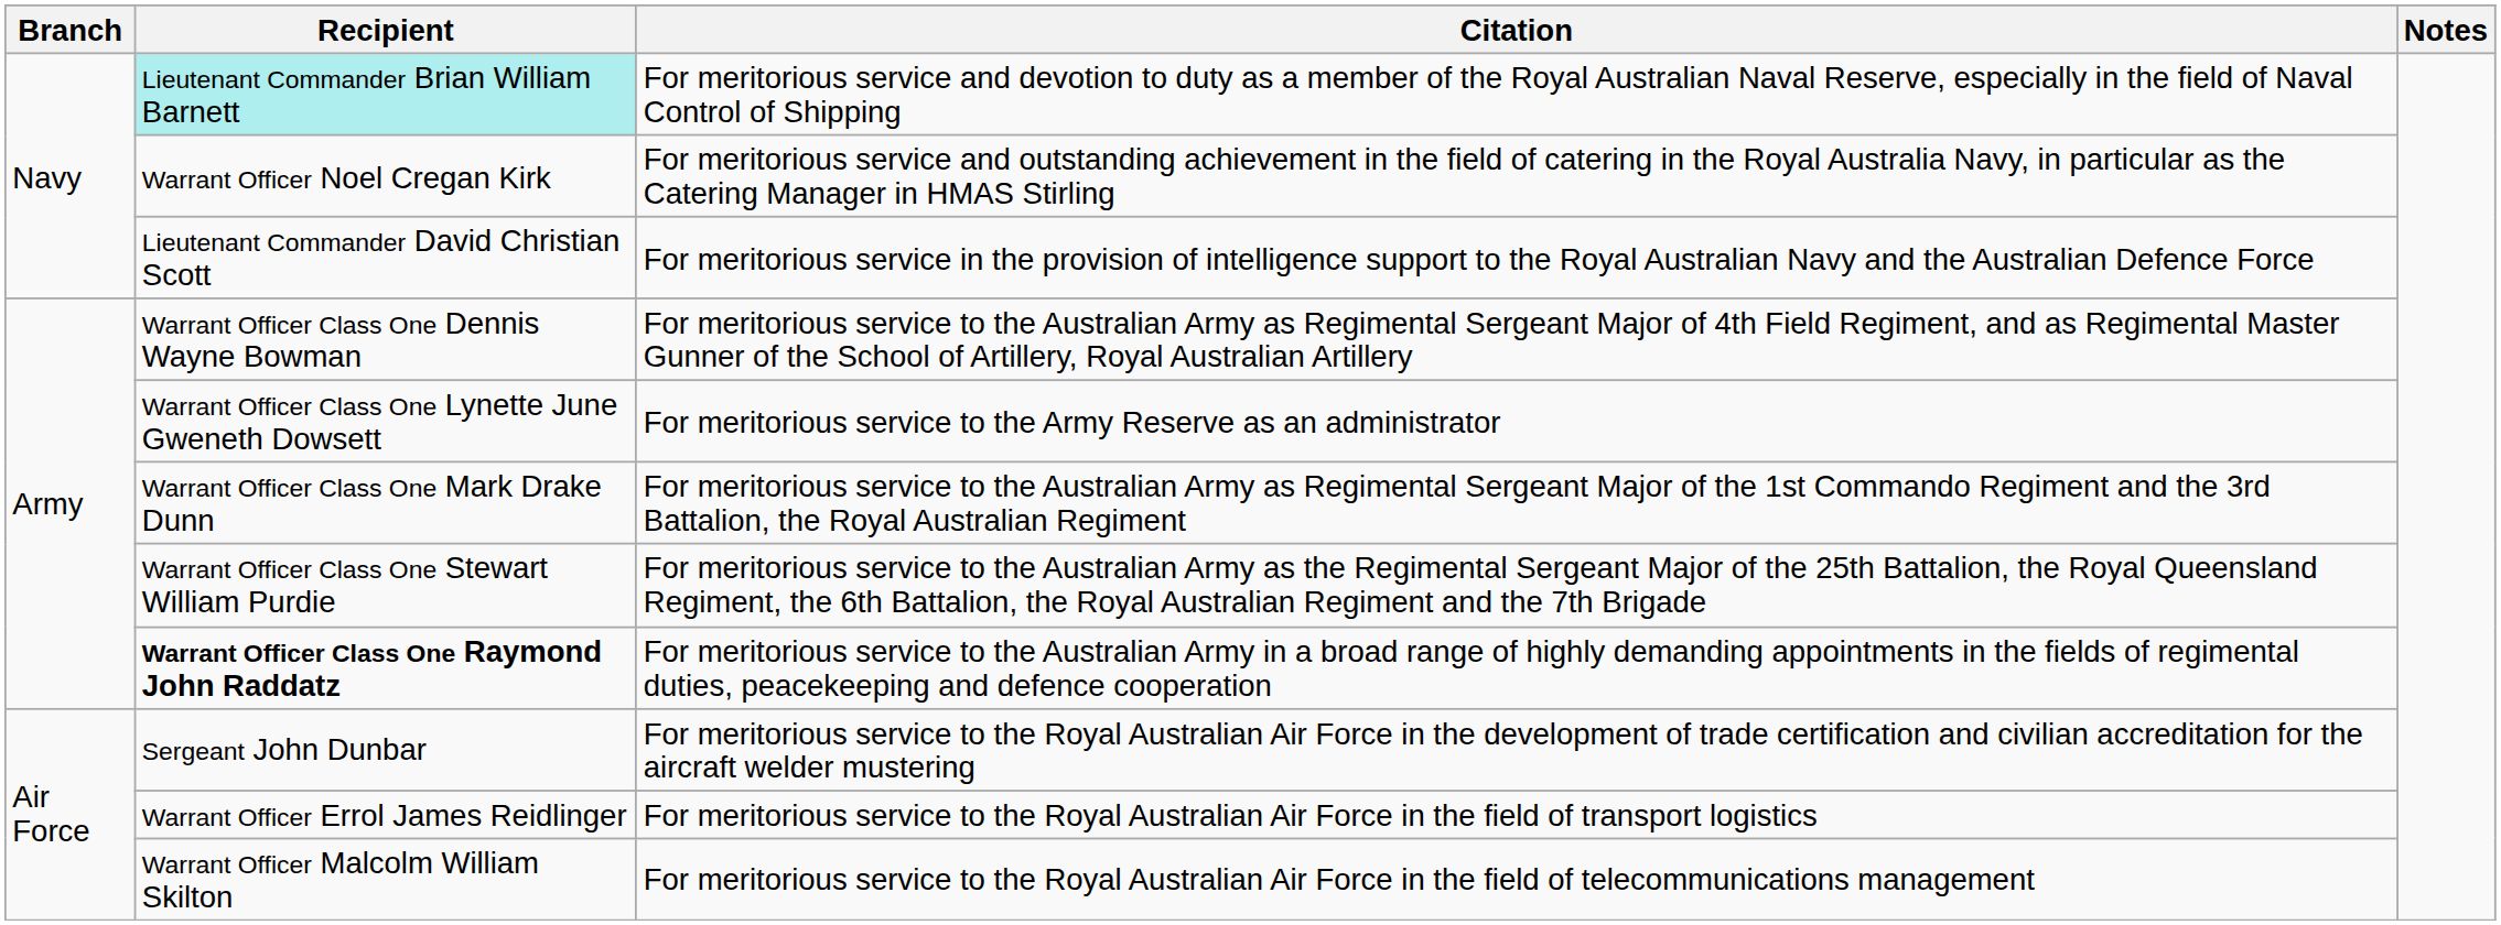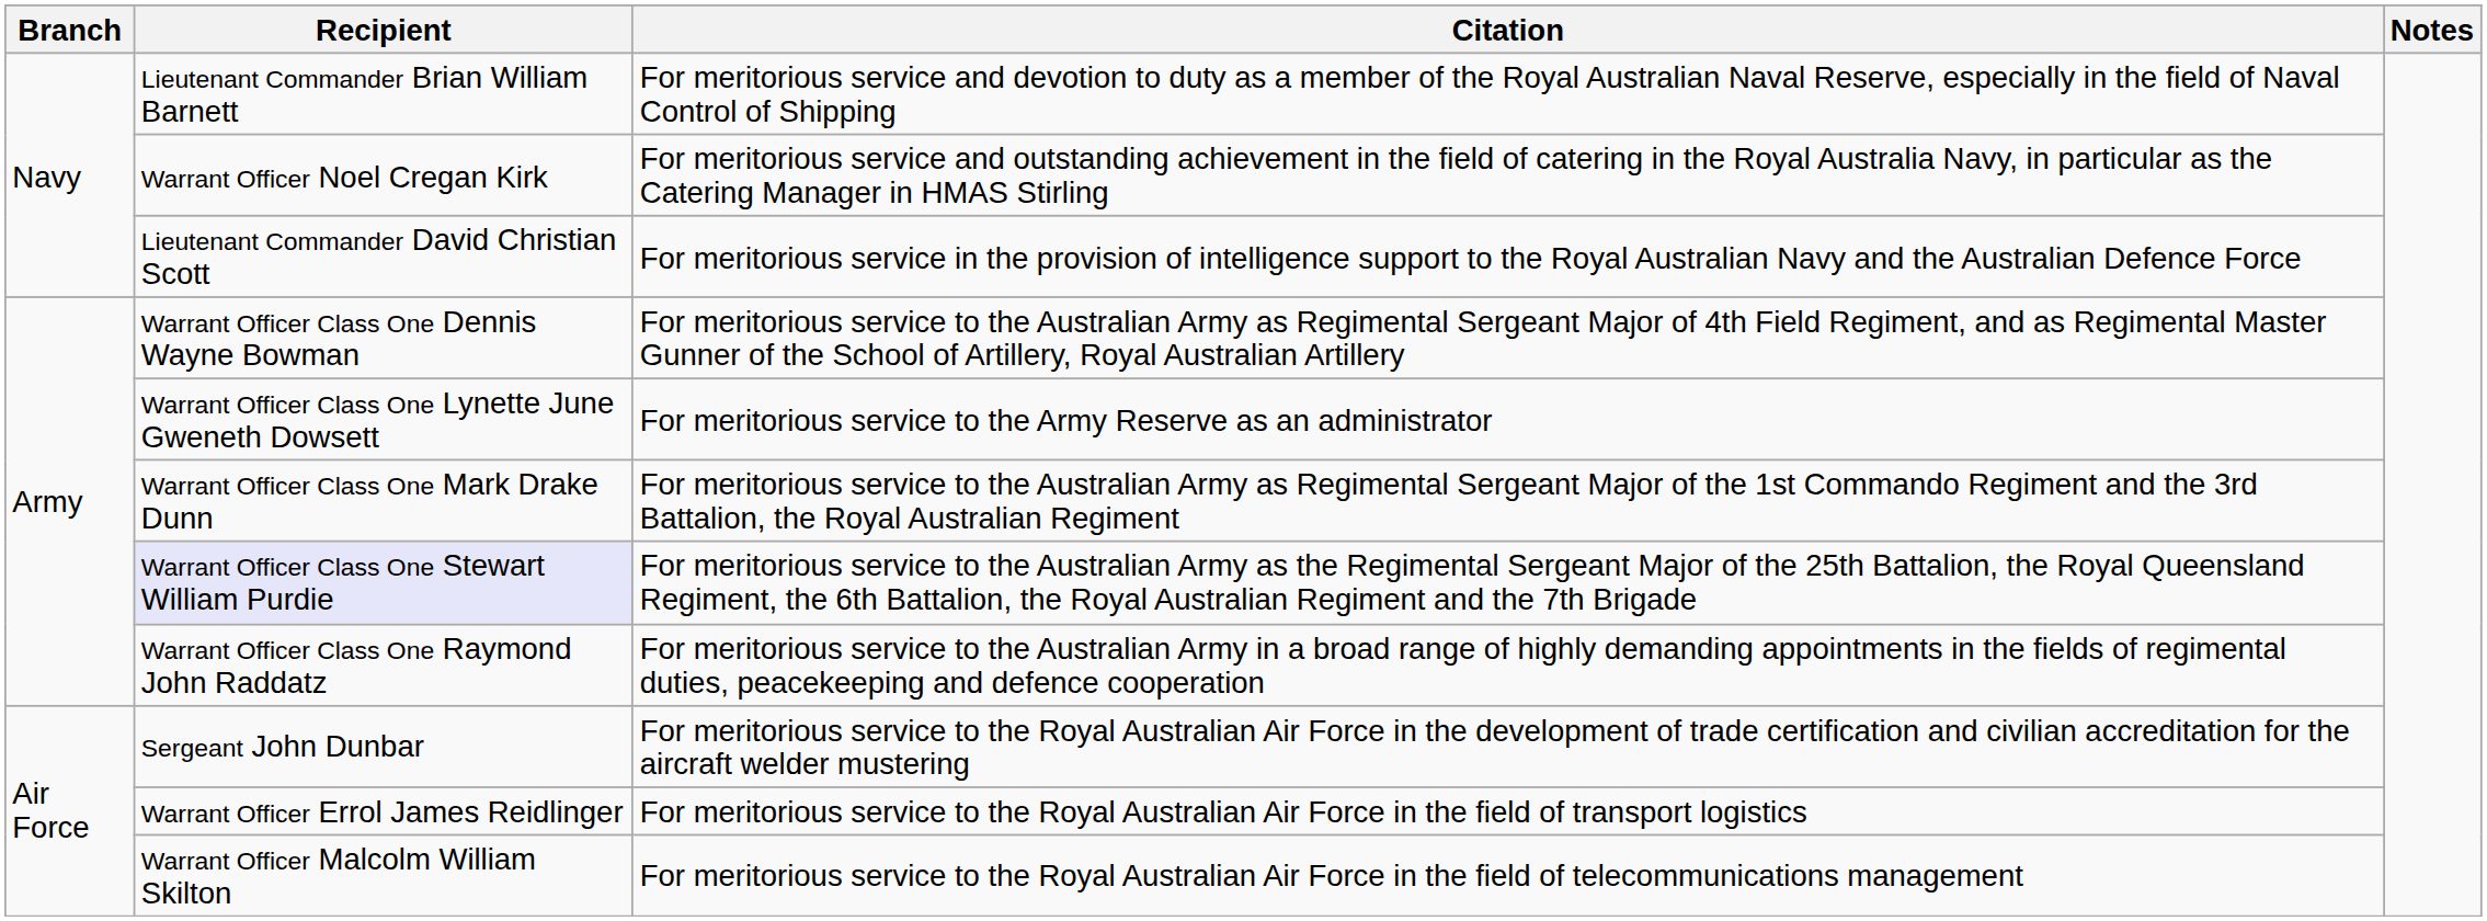 <table class="wikitable" style="font-size:95%;">
 <tr>
 <th>Branch</th>
 <th>Recipient</th>
 <th>Citation</th>
 <th>Notes</th>
 </tr>
 <tr>
 <td rowspan=3>Navy</td>
-<td style="background: paleturquoise;"><small>Lieutenant Commander</small> Brian William Barnett </td>
+<td><small>Lieutenant Commander</small> Brian William Barnett </td>
 <td>For meritorious service and devotion to duty as a member of the Royal Australian Naval Reserve, especially in the field of Naval Control of Shipping</td>
 <td rowspan=11></td>
 </tr>
 <tr>
 <td><small>Warrant Officer</small> Noel Cregan Kirk</td>
 <td>For meritorious service and outstanding achievement in the field of catering in the Royal Australia Navy, in particular as the Catering Manager in HMAS Stirling</td>
 </tr>
 <tr>
 <td><small>Lieutenant Commander</small> David Christian Scott</td>
 <td>For meritorious service in the provision of intelligence support to the Royal Australian Navy and the Australian Defence Force</td>
 </tr>
 <tr>
 <td rowspan=5>Army</td>
 <td><small>Warrant Officer Class One</small> Dennis Wayne Bowman</td>
 <td>For meritorious service to the Australian Army as Regimental Sergeant Major of 4th Field Regiment, and as Regimental Master Gunner of the School of Artillery, Royal Australian Artillery</td>
 </tr>
 <tr>
 <td><small>Warrant Officer Class One</small> Lynette June Gweneth Dowsett</td>
 <td>For meritorious service to the Army Reserve as an administrator</td>
 </tr>
 <tr>
 <td><small>Warrant Officer Class One</small> Mark Drake Dunn</td>
 <td>For meritorious service to the Australian Army as Regimental Sergeant Major of the 1st Commando Regiment and the 3rd Battalion, the Royal Australian Regiment</td>
 </tr>
 <tr>
-<td><small>Warrant Officer Class One</small> Stewart William Purdie</td>
+<td style="background: lavender;"><small>Warrant Officer Class One</small> Stewart William Purdie</td>
 <td>For meritorious service to the Australian Army as the Regimental Sergeant Major of the 25th Battalion, the Royal Queensland Regiment, the 6th Battalion, the Royal Australian Regiment and the 7th Brigade</td>
 </tr>
 <tr>
-<td><strong><small>Warrant Officer Class One</small> Raymond John Raddatz</strong></td>
+<td><small>Warrant Officer Class One</small> Raymond John Raddatz</td>
 <td>For meritorious service to the Australian Army in a broad range of highly demanding appointments in the fields of regimental duties, peacekeeping and defence cooperation</td>
 </tr>
 <tr>
 <td rowspan=3>Air Force</td>
 <td><small>Sergeant</small> John Dunbar</td>
 <td>For meritorious service to the Royal Australian Air Force in the development of trade certification and civilian accreditation for the aircraft welder mustering</td>
 </tr>
 <tr>
 <td><small>Warrant Officer</small> Errol James Reidlinger</td>
 <td>For meritorious service to the Royal Australian Air Force in the field of transport logistics</td>
 </tr>
 <tr>
 <td><small>Warrant Officer</small> Malcolm William Skilton</td>
 <td>For meritorious service to the Royal Australian Air Force in the field of telecommunications management</td>
 </tr>
 </table>
